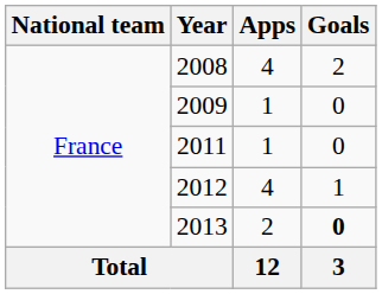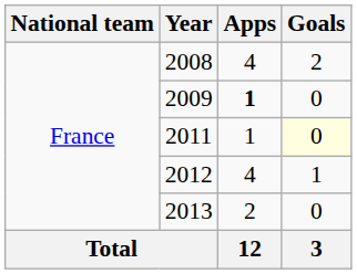 <table class="wikitable" style="text-align: center;">
 <tr>
 <th>National team</th>
 <th>Year</th>
 <th>Apps</th>
 <th>Goals</th>
 </tr>
 <tr>
 <td rowspan="5"><a href='#'>France</a></td>
 <td>2008</td>
 <td>4</td>
 <td>2</td>
 </tr>
 <tr>
 <td>2009</td>
-<td>1</td>
+<td><strong>1</strong></td>
 <td>0</td>
 </tr>
 <tr>
 <td>2011</td>
 <td>1</td>
-<td>0</td>
+<td style="background: lightyellow;">0</td>
 </tr>
 <tr>
 <td>2012</td>
 <td>4</td>
 <td>1</td>
 </tr>
 <tr>
 <td>2013</td>
 <td>2</td>
-<td><strong>0</strong></td>
+<td>0</td>
 </tr>
 <tr>
 <th colspan="2">Total</th>
 <th>12</th>
 <th>3</th>
 </tr>
 </table>
